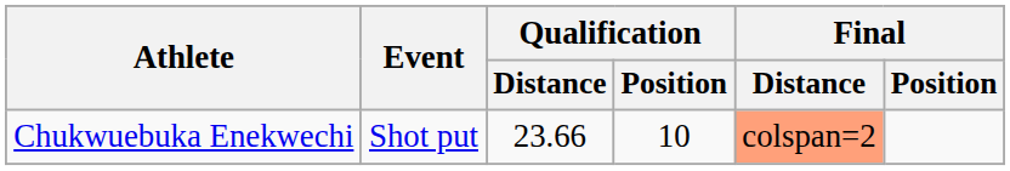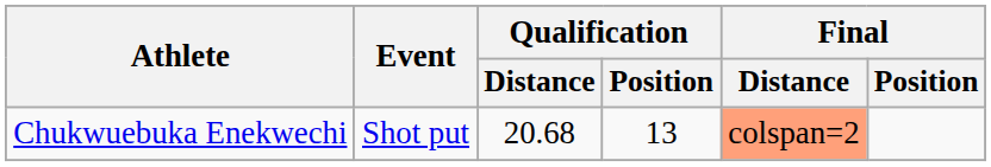 <table class="wikitable" style="font-size:90%">
 <tr>
 <th rowspan="2">Athlete</th>
 <th rowspan="2">Event</th>
 <th colspan="2">Qualification</th>
 <th colspan="2">Final</th>
 </tr>
 <tr style="font-size:95%">
 <th>Distance</th>
 <th>Position</th>
 <th>Distance</th>
 <th>Position</th>
 </tr>
 <tr align="center">
 <td align=left><a href='#'>Chukwuebuka Enekwechi</a></td>
 <td align=left><a href='#'>Shot put</a></td>
-<td>23.66</td>
-<td>10</td>
+<td>20.68</td>
+<td>13</td>
 <td style="background: lightsalmon;">colspan=2 </td>
 </tr>
 </table>
